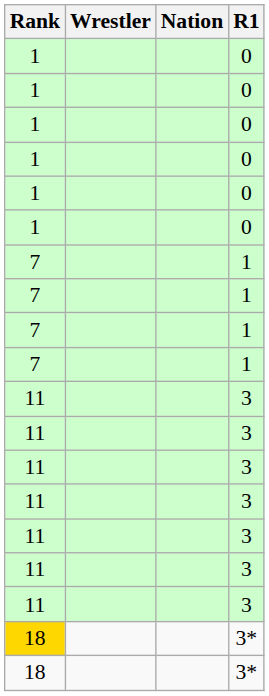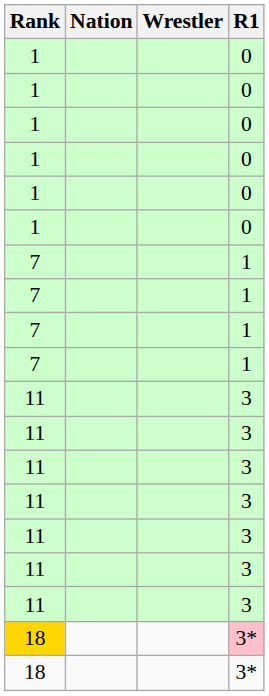 <table class="wikitable sortable" style="text-align:center;">
 <tr>
 <th>Rank</th>
+<th>Nation</th>
 <th>Wrestler</th>
-<th>Nation</th>
 <th>R1</th>
 </tr>
 <tr style="background:#cfc;">
 <td>1</td>
 <td align=left></td>
 <td align=left></td>
 <td>0</td>
 </tr>
 <tr style="background:#cfc;">
 <td>1</td>
 <td align=left></td>
 <td align=left></td>
 <td>0</td>
 </tr>
 <tr style="background:#cfc;">
 <td>1</td>
 <td align=left></td>
 <td align=left></td>
 <td>0</td>
 </tr>
 <tr style="background:#cfc;">
 <td>1</td>
 <td align=left></td>
 <td align=left></td>
 <td>0</td>
 </tr>
 <tr style="background:#cfc;">
 <td>1</td>
 <td align=left></td>
 <td align=left></td>
 <td>0</td>
 </tr>
 <tr style="background:#cfc;">
 <td>1</td>
 <td align=left></td>
 <td align=left></td>
 <td>0</td>
 </tr>
 <tr style="background:#cfc;">
 <td>7</td>
 <td align=left></td>
 <td align=left></td>
 <td>1</td>
 </tr>
 <tr style="background:#cfc;">
 <td>7</td>
 <td align=left></td>
 <td align=left></td>
 <td>1</td>
 </tr>
 <tr style="background:#cfc;">
 <td>7</td>
 <td align=left></td>
 <td align=left></td>
 <td>1</td>
 </tr>
 <tr style="background:#cfc;">
 <td>7</td>
 <td align=left></td>
 <td align=left></td>
 <td>1</td>
 </tr>
 <tr style="background:#cfc;">
 <td>11</td>
 <td align=left></td>
 <td align=left></td>
 <td>3</td>
 </tr>
 <tr style="background:#cfc;">
 <td>11</td>
 <td align=left></td>
 <td align=left></td>
 <td>3</td>
 </tr>
 <tr style="background:#cfc;">
 <td>11</td>
 <td align=left></td>
 <td align=left></td>
 <td>3</td>
 </tr>
 <tr style="background:#cfc;">
 <td>11</td>
 <td align=left></td>
 <td align=left></td>
 <td>3</td>
 </tr>
 <tr style="background:#cfc;">
 <td>11</td>
 <td align=left></td>
 <td align=left></td>
 <td>3</td>
 </tr>
 <tr style="background:#cfc;">
 <td>11</td>
 <td align=left></td>
 <td align=left></td>
 <td>3</td>
 </tr>
 <tr style="background:#cfc;">
 <td>11</td>
 <td align=left></td>
 <td align=left></td>
 <td>3</td>
 </tr>
 <tr>
 <td style="background: gold;">18</td>
 <td align=left></td>
 <td align=left></td>
-<td>3*</td>
+<td style="background: pink;">3*</td>
 </tr>
 <tr>
 <td>18</td>
 <td align=left></td>
 <td align=left></td>
 <td>3*</td>
 </tr>
 </table>
